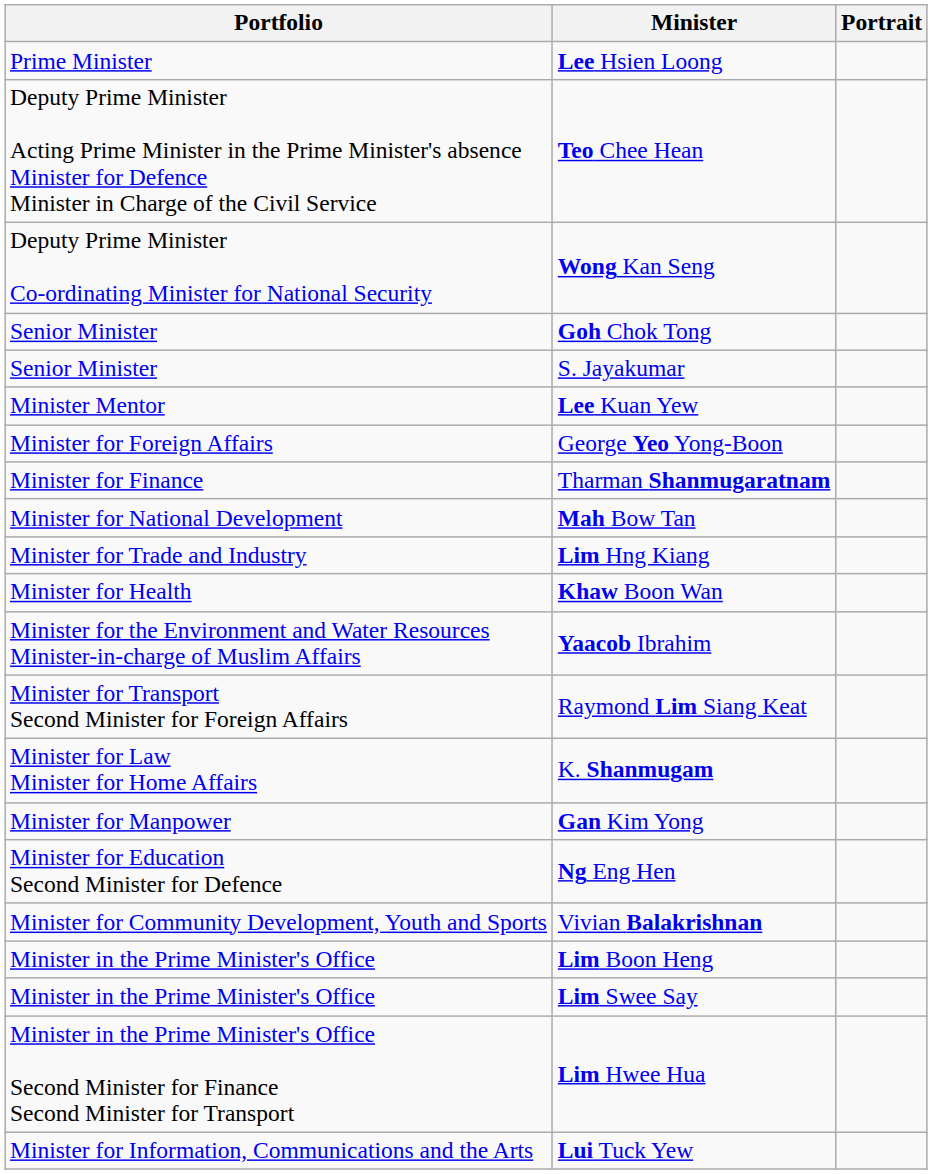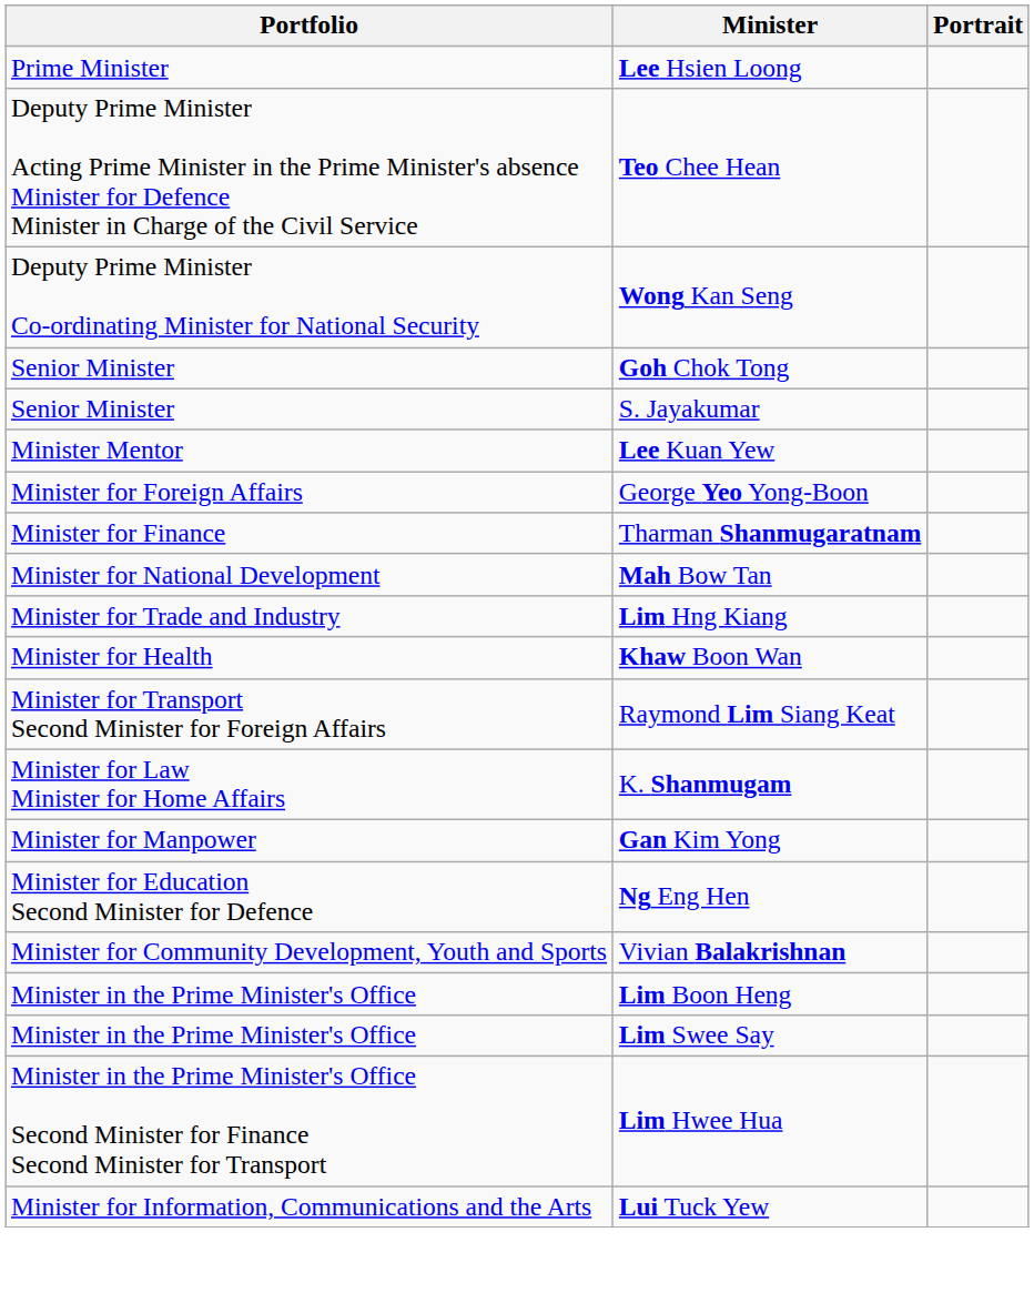 <table class=wikitable style="margin:1em auto;">
 <tr>
 <th>Portfolio</th>
 <th>Minister</th>
 <th>Portrait</th>
 </tr>
 <tr>
 <td><a href='#'>Prime Minister</a></td>
 <td><a href='#'><strong>Lee</strong> Hsien Loong</a></td>
 <td></td>
 </tr>
 <tr>
 <td>Deputy Prime Minister<br><br>Acting Prime Minister in the Prime Minister's absence<br> <a href='#'>Minister for Defence</a><br> Minister in Charge of the Civil Service</td>
 <td><a href='#'><strong>Teo</strong> Chee Hean</a></td>
 <td></td>
 </tr>
 <tr>
 <td>Deputy Prime Minister<br><br><a href='#'>Co-ordinating Minister for National Security</a></td>
 <td><a href='#'><strong>Wong</strong> Kan Seng</a></td>
 <td></td>
 </tr>
 <tr>
 <td><a href='#'>Senior Minister</a></td>
 <td><a href='#'><strong>Goh</strong> Chok Tong</a></td>
 <td></td>
 </tr>
 <tr>
 <td><a href='#'>Senior Minister</a></td>
 <td><a href='#'>S. Jayakumar</a></td>
 <td></td>
 </tr>
 <tr>
 <td><a href='#'>Minister Mentor</a></td>
 <td><a href='#'><strong>Lee</strong> Kuan Yew</a></td>
 <td></td>
 </tr>
 <tr>
 <td><a href='#'>Minister for Foreign Affairs</a></td>
 <td><a href='#'>George <strong>Yeo</strong> Yong-Boon</a></td>
 <td></td>
 </tr>
 <tr>
 <td><a href='#'>Minister for Finance</a></td>
 <td><a href='#'>Tharman <strong>Shanmugaratnam</strong></a></td>
 <td></td>
 </tr>
 <tr>
 <td><a href='#'>Minister for National Development</a></td>
 <td><a href='#'><strong>Mah</strong> Bow Tan</a></td>
 <td></td>
 </tr>
 <tr>
 <td><a href='#'>Minister for Trade and Industry</a></td>
 <td><a href='#'><strong>Lim</strong> Hng Kiang</a></td>
 <td></td>
 </tr>
 <tr>
 <td><a href='#'>Minister for Health</a></td>
 <td><a href='#'><strong>Khaw</strong> Boon Wan</a></td>
 <td></td>
 </tr>
 <tr>
-<td><a href='#'>Minister for the Environment and Water Resources</a><br><a href='#'>Minister-in-charge of Muslim Affairs</a></td>
-<td><a href='#'><strong>Yaacob</strong> Ibrahim</a></td>
-<td></td>
-</tr>
-<tr>
 <td><a href='#'>Minister for Transport</a><br>Second Minister for Foreign Affairs</td>
 <td><a href='#'>Raymond <strong>Lim</strong> Siang Keat</a></td>
 <td></td>
 </tr>
 <tr>
 <td><a href='#'>Minister for Law</a><br><a href='#'>Minister for Home Affairs</a></td>
 <td><a href='#'>K. <strong>Shanmugam</strong></a></td>
 <td></td>
 </tr>
 <tr>
 <td><a href='#'>Minister for Manpower</a></td>
 <td><a href='#'><strong>Gan</strong> Kim Yong</a></td>
 <td></td>
 </tr>
 <tr>
 <td><a href='#'>Minister for Education</a><br>Second Minister for Defence</td>
 <td><a href='#'><strong>Ng</strong> Eng Hen</a></td>
 <td></td>
 </tr>
 <tr>
 <td><a href='#'>Minister for Community Development, Youth and Sports</a></td>
 <td><a href='#'>Vivian <strong>Balakrishnan</strong></a></td>
 <td></td>
 </tr>
 <tr>
 <td><a href='#'>Minister in the Prime Minister's Office</a></td>
 <td><a href='#'><strong>Lim</strong> Boon Heng</a></td>
 <td></td>
 </tr>
 <tr>
 <td><a href='#'>Minister in the Prime Minister's Office</a></td>
 <td><a href='#'><strong>Lim</strong> Swee Say</a></td>
 <td></td>
 </tr>
 <tr>
 <td><a href='#'>Minister in the Prime Minister's Office</a><br><br>Second Minister for Finance<br> Second Minister for Transport</td>
 <td><a href='#'><strong>Lim</strong> Hwee Hua</a></td>
 <td></td>
 </tr>
 <tr>
 <td><a href='#'>Minister for Information, Communications and the Arts</a></td>
 <td><a href='#'><strong>Lui</strong> Tuck Yew</a></td>
 <td></td>
 </tr>
 </table>
